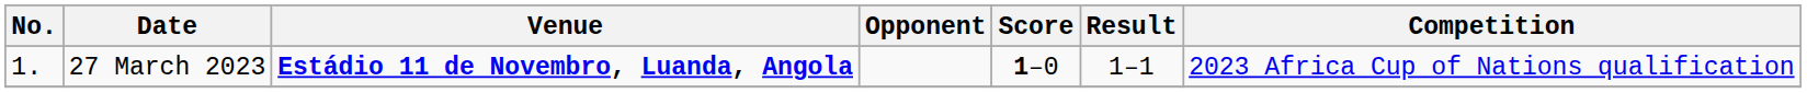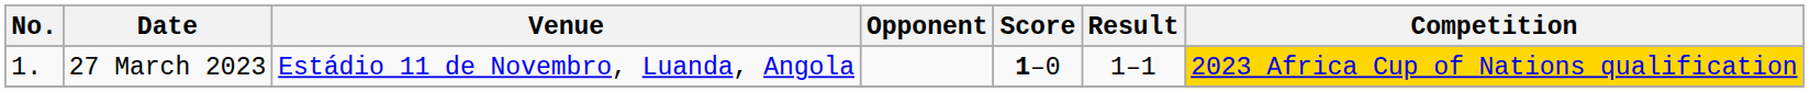 <table class="wikitable">
 <tr>
 <th>No.</th>
 <th>Date</th>
 <th>Venue</th>
 <th>Opponent</th>
 <th>Score</th>
 <th>Result</th>
 <th>Competition</th>
 </tr>
 <tr>
 <td>1.</td>
 <td>27 March 2023</td>
-<td><strong><a href='#'>Estádio 11 de Novembro</a>, <a href='#'>Luanda</a>, <a href='#'>Angola</a></strong></td>
+<td><a href='#'>Estádio 11 de Novembro</a>, <a href='#'>Luanda</a>, <a href='#'>Angola</a></td>
 <td></td>
 <td align=center><strong>1</strong>–0</td>
 <td align=center>1–1</td>
-<td><a href='#'>2023 Africa Cup of Nations qualification</a></td>
+<td style="background: gold;"><a href='#'>2023 Africa Cup of Nations qualification</a></td>
 </tr>
 <tr>
 </tr>
 </table>
